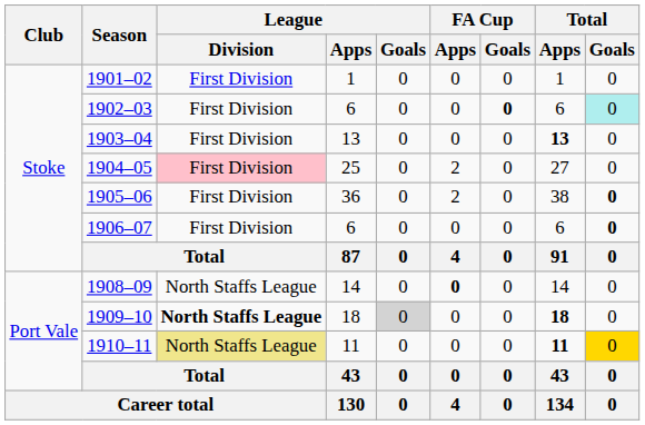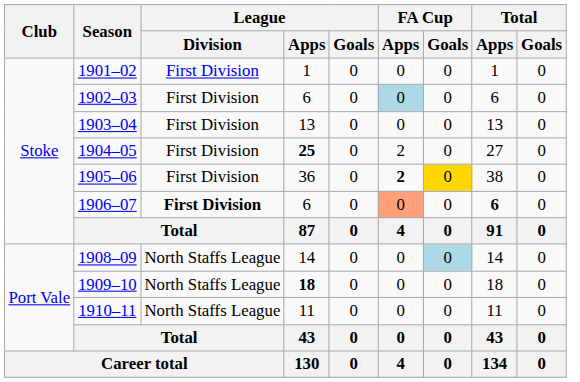 <table class="wikitable" style="text-align: center;">
 <tr>
 <th rowspan="2">Club</th>
 <th rowspan="2">Season</th>
 <th colspan="3">League</th>
 <th colspan="2">FA Cup</th>
 <th colspan="2">Total</th>
 </tr>
 <tr>
 <th>Division</th>
 <th>Apps</th>
 <th>Goals</th>
 <th>Apps</th>
 <th>Goals</th>
 <th>Apps</th>
 <th>Goals</th>
 </tr>
 <tr>
 <td rowspan="7"><a href='#'>Stoke</a></td>
 <td><a href='#'>1901–02</a></td>
 <td><a href='#'>First Division</a></td>
 <td>1</td>
 <td>0</td>
 <td>0</td>
 <td>0</td>
 <td>1</td>
 <td>0</td>
 </tr>
 <tr>
 <td><a href='#'>1902–03</a></td>
 <td>First Division</td>
 <td>6</td>
 <td>0</td>
+<td style="background: lightblue;">0</td>
 <td>0</td>
-<td><strong>0</strong></td>
 <td>6</td>
-<td style="background: paleturquoise;">0</td>
+<td>0</td>
 </tr>
 <tr>
 <td><a href='#'>1903–04</a></td>
 <td>First Division</td>
 <td>13</td>
 <td>0</td>
 <td>0</td>
 <td>0</td>
-<td><strong>13</strong></td>
+<td>13</td>
 <td>0</td>
 </tr>
 <tr>
 <td><a href='#'>1904–05</a></td>
-<td style="background: pink;">First Division</td>
-<td>25</td>
+<td>First Division</td>
+<td><strong>25</strong></td>
 <td>0</td>
 <td>2</td>
 <td>0</td>
 <td>27</td>
 <td>0</td>
 </tr>
 <tr>
 <td><a href='#'>1905–06</a></td>
 <td>First Division</td>
 <td>36</td>
 <td>0</td>
-<td>2</td>
+<td><strong>2</strong></td>
+<td style="background: gold;">0</td>
+<td>38</td>
 <td>0</td>
-<td>38</td>
-<td><strong>0</strong></td>
 </tr>
 <tr>
 <td><a href='#'>1906–07</a></td>
-<td>First Division</td>
+<td><strong>First Division</strong></td>
 <td>6</td>
 <td>0</td>
+<td style="background: lightsalmon;">0</td>
 <td>0</td>
+<td><strong>6</strong></td>
 <td>0</td>
-<td>6</td>
-<td><strong>0</strong></td>
 </tr>
 <tr>
 <th colspan="2">Total</th>
 <th>87</th>
 <th>0</th>
 <th>4</th>
 <th>0</th>
 <th>91</th>
 <th>0</th>
 </tr>
 <tr>
 <td rowspan="4"><a href='#'>Port Vale</a></td>
 <td><a href='#'>1908–09</a></td>
 <td>North Staffs League</td>
 <td>14</td>
 <td>0</td>
-<td><strong>0</strong></td>
 <td>0</td>
+<td style="background: lightblue;">0</td>
 <td>14</td>
 <td>0</td>
 </tr>
 <tr>
 <td><a href='#'>1909–10</a></td>
-<td><strong>North Staffs League</strong></td>
-<td>18</td>
-<td style="background: lightgrey;">0</td>
+<td>North Staffs League</td>
+<td><strong>18</strong></td>
 <td>0</td>
 <td>0</td>
-<td><strong>18</strong></td>
+<td>0</td>
+<td>18</td>
 <td>0</td>
 </tr>
 <tr>
 <td><a href='#'>1910–11</a></td>
-<td style="background: khaki;">North Staffs League</td>
+<td>North Staffs League</td>
 <td>11</td>
 <td>0</td>
 <td>0</td>
 <td>0</td>
-<td><strong>11</strong></td>
-<td style="background: gold;">0</td>
+<td>11</td>
+<td>0</td>
 </tr>
 <tr>
 <th colspan="2">Total</th>
 <th>43</th>
 <th>0</th>
 <th>0</th>
 <th>0</th>
 <th>43</th>
 <th>0</th>
 </tr>
 <tr>
 <th colspan="3">Career total</th>
 <th>130</th>
 <th>0</th>
 <th>4</th>
 <th>0</th>
 <th>134</th>
 <th>0</th>
 </tr>
 </table>
